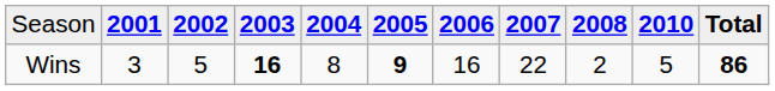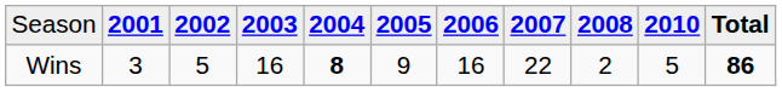 <table class="wikitable">
 <tr style=background:#efefef>
 <td>Season</td>
 <td><a href='#'><strong>2001</strong></a></td>
 <td><a href='#'><strong>2002</strong></a></td>
 <td><a href='#'><strong>2003</strong></a></td>
 <td><a href='#'><strong>2004</strong></a></td>
 <td><a href='#'><strong>2005</strong></a></td>
 <td><a href='#'><strong>2006</strong></a></td>
 <td><a href='#'><strong>2007</strong></a></td>
 <td><a href='#'><strong>2008</strong></a></td>
 <td><a href='#'><strong>2010</strong></a></td>
 <td><strong>Total</strong></td>
 </tr>
 <tr align=center>
 <td>Wins</td>
 <td>3</td>
 <td>5</td>
-<td><strong>16</strong></td>
-<td>8</td>
-<td><strong>9</strong></td>
+<td>16</td>
+<td><strong>8</strong></td>
+<td>9</td>
 <td>16</td>
 <td>22</td>
 <td>2</td>
 <td>5</td>
 <td><strong>86</strong></td>
 </tr>
 </table>
